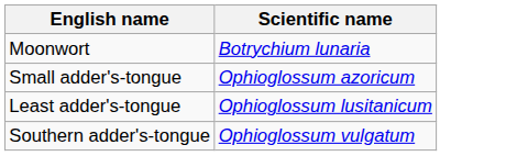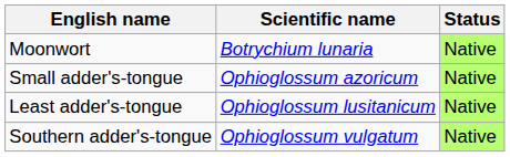 <table class="wikitable" |>
 <tr>
 <th>English name</th>
 <th>Scientific name</th>
+<th>Status</th>
 </tr>
 <tr>
 <td>Moonwort</td>
 <td><em><a href='#'>Botrychium lunaria</a></em></td>
+<td style="background: #B9FF72; text-align: ">Native</td>
 </tr>
 <tr>
 <td>Small adder's-tongue</td>
 <td><em><a href='#'>Ophioglossum azoricum</a></em></td>
+<td style="background: #B9FF72; text-align: ">Native</td>
 </tr>
 <tr>
 <td>Least adder's-tongue</td>
 <td><em><a href='#'>Ophioglossum lusitanicum</a></em></td>
+<td style="background: #B9FF72; text-align: ">Native</td>
 </tr>
 <tr>
 <td>Southern adder's-tongue</td>
 <td><em><a href='#'>Ophioglossum vulgatum</a></em></td>
+<td style="background: #B9FF72; text-align: ">Native</td>
 </tr>
 </table>
